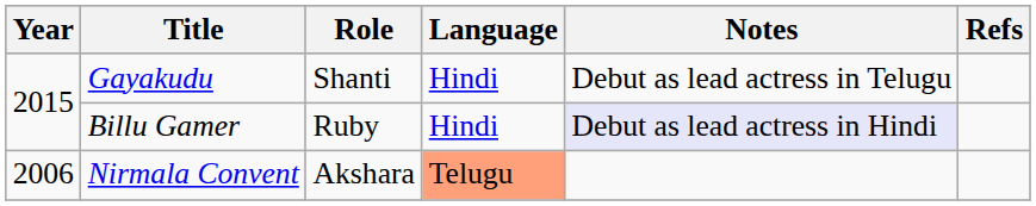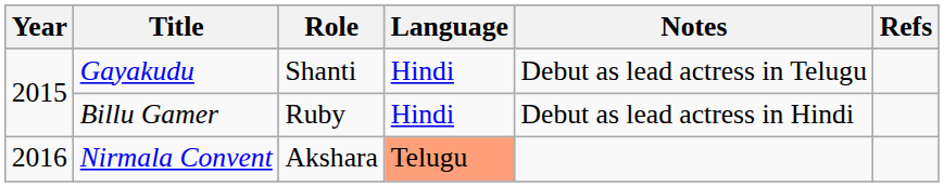 <table class="wikitable">
 <tr bgcolor="#CCCCCC" align="center">
 <th>Year</th>
 <th>Title</th>
 <th>Role</th>
 <th>Language</th>
 <th>Notes</th>
 <th>Refs</th>
 </tr>
 <tr>
 <td rowspan="2">2015</td>
 <td><em><a href='#'>Gayakudu</a></em></td>
 <td>Shanti</td>
 <td><a href='#'> Hindi</a></td>
 <td>Debut as lead actress in Telugu</td>
 <td></td>
 </tr>
 <tr>
 <td><em>Billu Gamer</em></td>
 <td>Ruby</td>
 <td><a href='#'> Hindi</a></td>
-<td style="background: lavender;">Debut as lead actress in Hindi</td>
+<td>Debut as lead actress in Hindi</td>
 <td></td>
 </tr>
 <tr>
-<td>2006</td>
+<td>2016</td>
 <td><em><a href='#'>Nirmala Convent</a></em></td>
 <td>Akshara</td>
 <td style="background: lightsalmon;">Telugu</td>
 <td></td>
 <td></td>
 </tr>
 </table>
